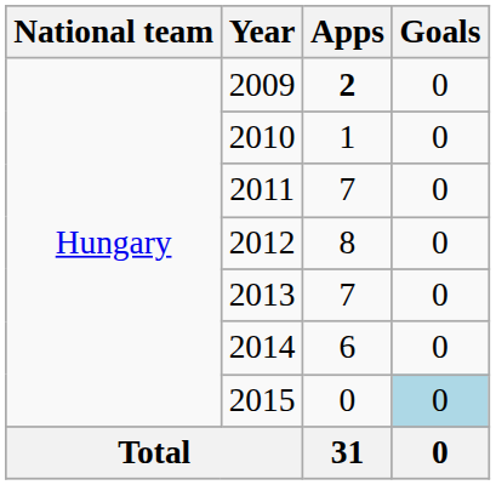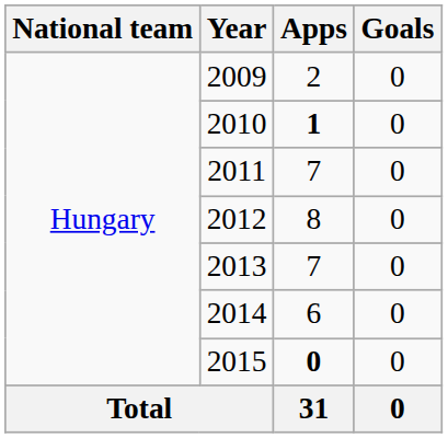 <table class="wikitable" style="text-align:center">
 <tr>
 <th>National team</th>
 <th>Year</th>
 <th>Apps</th>
 <th>Goals</th>
 </tr>
 <tr>
 <td rowspan="7"><a href='#'>Hungary</a></td>
 <td>2009</td>
-<td><strong>2</strong></td>
+<td>2</td>
 <td>0</td>
 </tr>
 <tr>
 <td>2010</td>
-<td>1</td>
+<td><strong>1</strong></td>
 <td>0</td>
 </tr>
 <tr>
 <td>2011</td>
 <td>7</td>
 <td>0</td>
 </tr>
 <tr>
 <td>2012</td>
 <td>8</td>
 <td>0</td>
 </tr>
 <tr>
 <td>2013</td>
 <td>7</td>
 <td>0</td>
 </tr>
 <tr>
 <td>2014</td>
 <td>6</td>
 <td>0</td>
 </tr>
 <tr>
 <td>2015</td>
+<td><strong>0</strong></td>
 <td>0</td>
-<td style="background: lightblue;">0</td>
 </tr>
 <tr>
 <th colspan="2">Total</th>
 <th>31</th>
 <th>0</th>
 </tr>
 </table>
